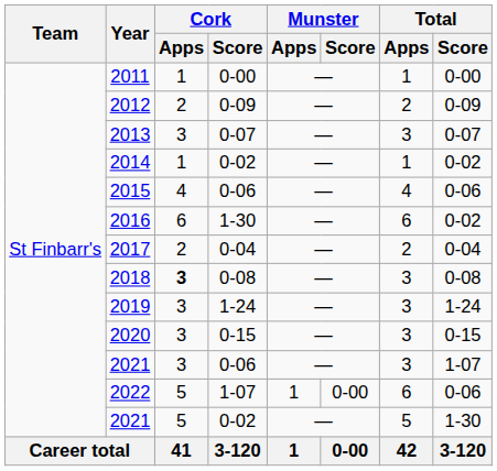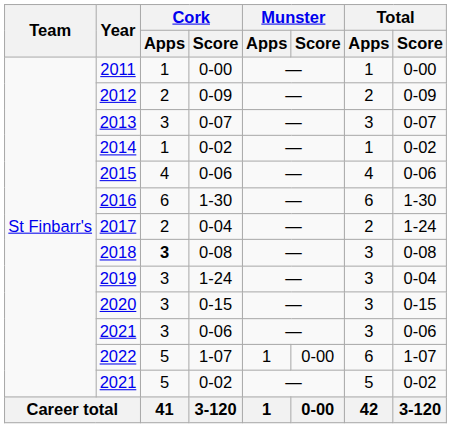 <table class="wikitable" style="text-align:center">
 <tr>
 <th rowspan="2">Team</th>
 <th rowspan="2">Year</th>
 <th colspan="2"><a href='#'>Cork</a></th>
 <th colspan="2"><a href='#'>Munster</a></th>
 <th colspan="2">Total</th>
 </tr>
 <tr>
 <th>Apps</th>
 <th>Score</th>
 <th>Apps</th>
 <th>Score</th>
 <th>Apps</th>
 <th>Score</th>
 </tr>
 <tr>
 <td rowspan="13"><a href='#'>St Finbarr's</a></td>
 <td><a href='#'>2011</a></td>
 <td>1</td>
 <td>0-00</td>
 <td colspan=2>—</td>
 <td>1</td>
 <td>0-00</td>
 </tr>
 <tr>
 <td><a href='#'>2012</a></td>
 <td>2</td>
 <td>0-09</td>
 <td colspan=2>—</td>
 <td>2</td>
 <td>0-09</td>
 </tr>
 <tr>
 <td><a href='#'>2013</a></td>
 <td>3</td>
 <td>0-07</td>
 <td colspan=2>—</td>
 <td>3</td>
 <td>0-07</td>
 </tr>
 <tr>
 <td><a href='#'>2014</a></td>
 <td>1</td>
 <td>0-02</td>
 <td colspan=2>—</td>
 <td>1</td>
 <td>0-02</td>
 </tr>
 <tr>
 <td><a href='#'>2015</a></td>
 <td>4</td>
 <td>0-06</td>
 <td colspan=2>—</td>
 <td>4</td>
 <td>0-06</td>
 </tr>
 <tr>
 <td><a href='#'>2016</a></td>
 <td>6</td>
 <td>1-30</td>
 <td colspan=2>—</td>
 <td>6</td>
-<td>0-02</td>
+<td>1-30</td>
 </tr>
 <tr>
 <td><a href='#'>2017</a></td>
 <td>2</td>
 <td>0-04</td>
 <td colspan=2>—</td>
 <td>2</td>
-<td>0-04</td>
+<td>1-24</td>
 </tr>
 <tr>
 <td><a href='#'>2018</a></td>
 <td><strong>3</strong></td>
 <td>0-08</td>
 <td colspan=2>—</td>
 <td>3</td>
 <td>0-08</td>
 </tr>
 <tr>
 <td><a href='#'>2019</a></td>
 <td>3</td>
 <td>1-24</td>
 <td colspan=2>—</td>
 <td>3</td>
-<td>1-24</td>
+<td>0-04</td>
 </tr>
 <tr>
 <td><a href='#'>2020</a></td>
 <td>3</td>
 <td>0-15</td>
 <td colspan=2>—</td>
 <td>3</td>
 <td>0-15</td>
 </tr>
 <tr>
 <td><a href='#'>2021</a></td>
 <td>3</td>
 <td>0-06</td>
 <td colspan=2>—</td>
 <td>3</td>
-<td>1-07</td>
+<td>0-06</td>
 </tr>
 <tr>
 <td><a href='#'>2022</a></td>
 <td>5</td>
 <td>1-07</td>
 <td>1</td>
 <td>0-00</td>
 <td>6</td>
-<td>0-06</td>
+<td>1-07</td>
 </tr>
 <tr>
 <td><a href='#'>2021</a></td>
 <td>5</td>
 <td>0-02</td>
 <td colspan=2>—</td>
 <td>5</td>
-<td>1-30</td>
+<td>0-02</td>
 </tr>
 <tr>
 <th colspan="2">Career total</th>
 <th>41</th>
 <th>3-120</th>
 <th>1</th>
 <th>0-00</th>
 <th>42</th>
 <th>3-120</th>
 </tr>
 </table>
